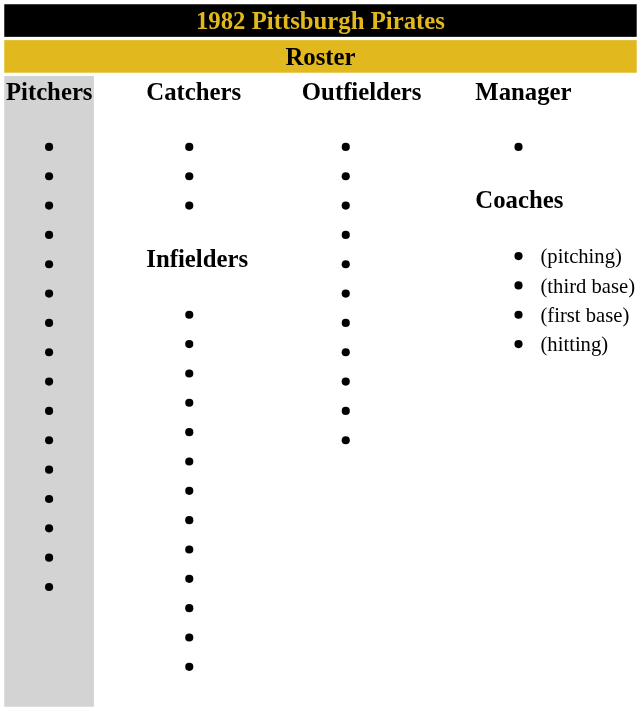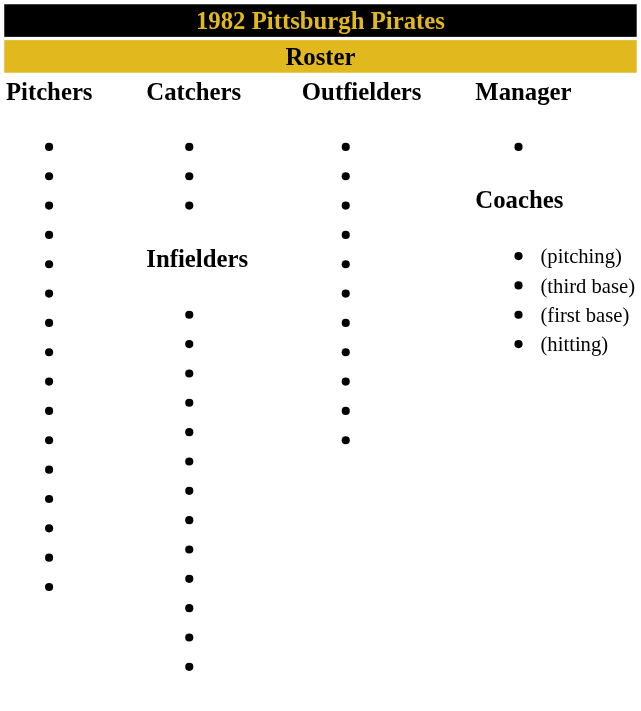 <table class="toccolours" style="font-size: 95%;">
 <tr>
 <th colspan="10" style="background-color: black; color: #e1b81e; text-align: center;">1982 Pittsburgh Pirates</th>
 </tr>
 <tr>
 <td colspan="10" style="background-color: #e1b81e; color: black; text-align: center;"><strong>Roster</strong></td>
 </tr>
 <tr>
-<td valign="top" style="background: lightgrey;"><strong>Pitchers</strong><br><ul><li></li><li></li><li></li><li></li><li></li><li></li><li></li><li></li><li></li><li></li><li></li><li></li><li></li><li></li><li></li><li></li></ul></td>
+<td valign="top"><strong>Pitchers</strong><br><ul><li></li><li></li><li></li><li></li><li></li><li></li><li></li><li></li><li></li><li></li><li></li><li></li><li></li><li></li><li></li><li></li></ul></td>
 <td width="25px"></td>
 <td valign="top"><strong>Catchers</strong><br><ul><li></li><li></li><li></li></ul><strong>Infielders</strong><ul><li></li><li></li><li></li><li></li><li></li><li></li><li></li><li></li><li></li><li></li><li></li><li></li><li></li></ul></td>
 <td width="25px"></td>
 <td valign="top"><strong>Outfielders</strong><br><ul><li></li><li></li><li></li><li></li><li></li><li></li><li></li><li></li><li></li><li></li><li></li></ul></td>
 <td width="25px"></td>
 <td valign="top"><strong>Manager</strong><br><ul><li></li></ul><strong>Coaches</strong><ul><li> <small>(pitching)</small></li><li> <small>(third base)</small></li><li> <small>(first base)</small></li><li> <small>(hitting)</small></li></ul></td>
 </tr>
 </table>
